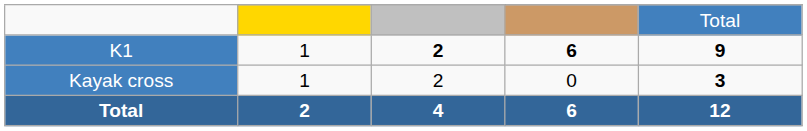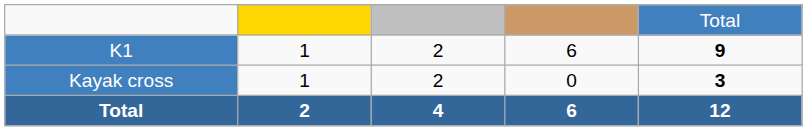 <table class="wikitable"  style="font-size:95%; text-align:center; border:gray solid 1px; width:40%;">
 <tr>
 <td rowspan="2" style="width:3%;"></td>
 </tr>
 <tr>
 <td style="width:2%;" bgcolor=gold></td>
 <td style="width:2%;" bgcolor=silver></td>
 <td style="width:2%;" bgcolor=cc9966></td>
 <td style="width:2%; background-color:#4180be; color:white;">Total</td>
 </tr>
 <tr>
 <td style="background-color:#4180be; color:white;">K1</td>
 <td>1</td>
-<td><strong>2</strong></td>
-<td><strong>6</strong></td>
+<td>2</td>
+<td>6</td>
 <td><strong>9</strong></td>
 </tr>
 <tr>
 <td style="background-color:#4180be; color:white;">Kayak cross</td>
 <td>1</td>
 <td>2</td>
 <td>0</td>
 <td><strong>3</strong></td>
 </tr>
 <tr style="background:#369; color:white;">
 <td><strong>Total</strong></td>
 <td><strong>2</strong></td>
 <td><strong>4</strong></td>
 <td><strong>6</strong></td>
 <td><strong>12</strong></td>
 </tr>
 </table>
